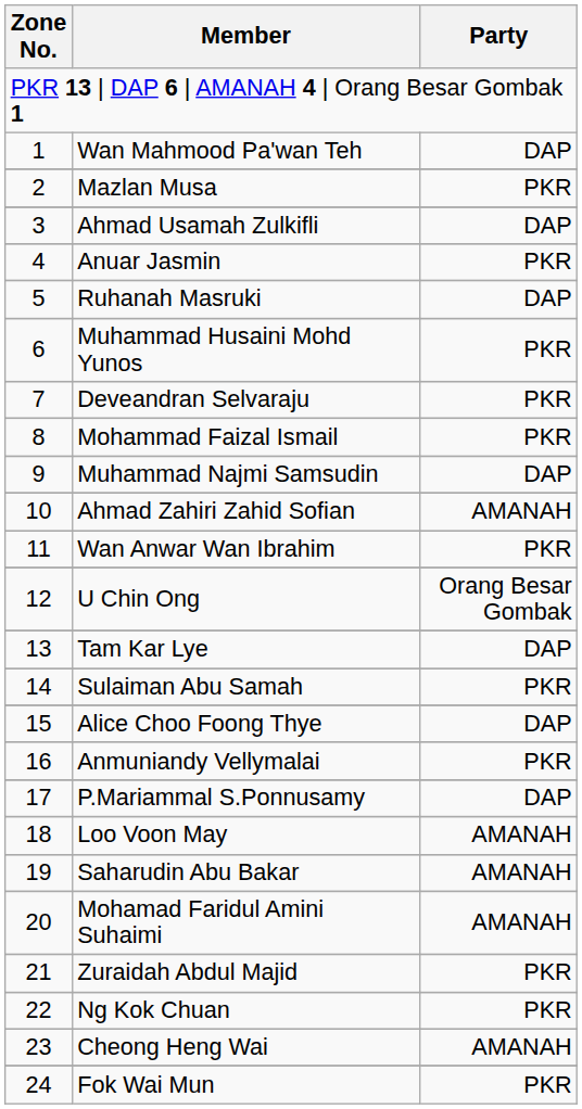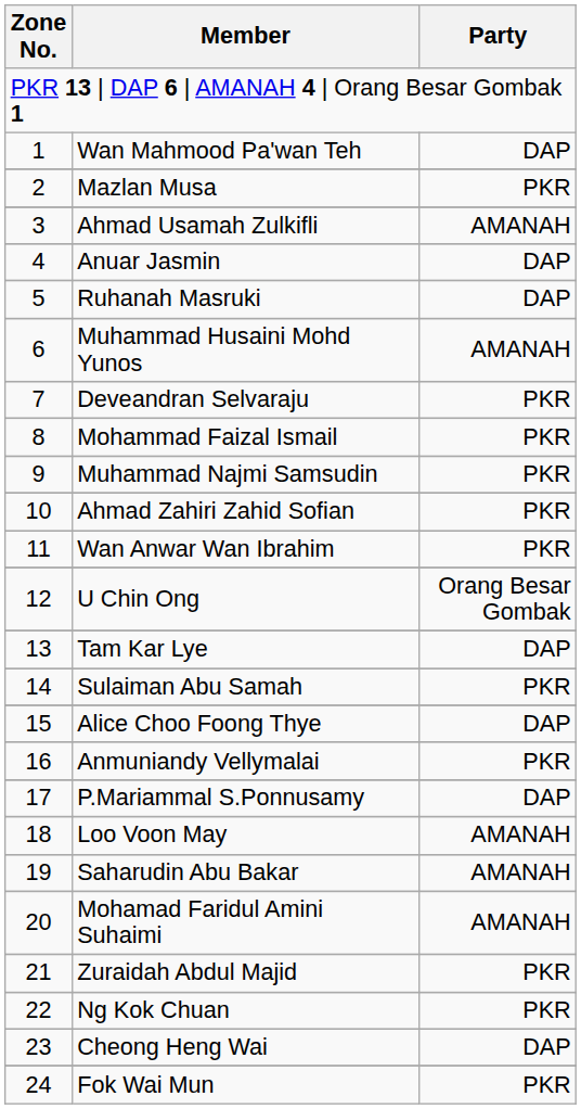 <table class="wikitable sortable">
 <tr>
 <th width="30">Zone No.</th>
 <th width="230">Member</th>
 <th width="100">Party</th>
 </tr>
 <tr>
 <td colspan="3"><a href='#'>PKR</a> <strong>13</strong> | <a href='#'>DAP</a> <strong>6</strong> | <a href='#'>AMANAH</a> <strong>4</strong> | Orang Besar Gombak <strong>1</strong></td>
 </tr>
 <tr>
 <td align="center">1</td>
 <td>Wan Mahmood Pa'wan Teh</td>
 <td align="right">DAP</td>
 </tr>
 <tr>
 </tr>
 <tr>
 <td align="center">2</td>
 <td>Mazlan Musa</td>
 <td align="right">PKR</td>
 </tr>
 <tr>
 </tr>
 <tr>
 <td align="center">3</td>
 <td>Ahmad Usamah Zulkifli</td>
-<td align="right">DAP</td>
+<td align="right">AMANAH</td>
 </tr>
 <tr>
 </tr>
 <tr>
 <td align="center">4</td>
 <td>Anuar Jasmin</td>
-<td align="right">PKR</td>
+<td align="right">DAP</td>
 </tr>
 <tr>
 </tr>
 <tr>
 <td align="center">5</td>
 <td>Ruhanah Masruki</td>
 <td align="right">DAP</td>
 </tr>
 <tr>
 </tr>
 <tr>
 <td align="center">6</td>
 <td>Muhammad Husaini Mohd Yunos</td>
-<td align="right">PKR</td>
+<td align="right">AMANAH</td>
 </tr>
 <tr>
 </tr>
 <tr>
 <td align="center">7</td>
 <td>Deveandran Selvaraju</td>
 <td align="right">PKR</td>
 </tr>
 <tr>
 </tr>
 <tr>
 <td align="center">8</td>
 <td>Mohammad Faizal Ismail</td>
 <td align="right">PKR</td>
 </tr>
 <tr>
 </tr>
 <tr>
 <td align="center">9</td>
 <td>Muhammad Najmi Samsudin</td>
-<td align="right">DAP</td>
+<td align="right">PKR</td>
 </tr>
 <tr>
 </tr>
 <tr>
 <td align="center">10</td>
 <td>Ahmad Zahiri Zahid Sofian</td>
-<td align="right">AMANAH</td>
+<td align="right">PKR</td>
 </tr>
 <tr>
 </tr>
 <tr>
 <td align="center">11</td>
 <td>Wan Anwar Wan Ibrahim</td>
 <td align="right">PKR</td>
 </tr>
 <tr>
 </tr>
 <tr>
 <td align="center">12</td>
 <td>U Chin Ong</td>
 <td align="right">Orang Besar Gombak</td>
 </tr>
 <tr>
 </tr>
 <tr>
 <td align="center">13</td>
 <td>Tam Kar Lye</td>
 <td align="right">DAP</td>
 </tr>
 <tr>
 </tr>
 <tr>
 <td align="center">14</td>
 <td>Sulaiman Abu Samah</td>
 <td align="right">PKR</td>
 </tr>
 <tr>
 </tr>
 <tr>
 <td align="center">15</td>
 <td>Alice Choo Foong Thye</td>
 <td align="right">DAP</td>
 </tr>
 <tr>
 </tr>
 <tr>
 <td align="center">16</td>
 <td>Anmuniandy Vellymalai</td>
 <td align="right">PKR</td>
 </tr>
 <tr>
 </tr>
 <tr>
 <td align="center">17</td>
 <td>P.Mariammal S.Ponnusamy</td>
 <td align="right">DAP</td>
 </tr>
 <tr>
 </tr>
 <tr>
 <td align="center">18</td>
 <td>Loo Voon May</td>
 <td align="right">AMANAH</td>
 </tr>
 <tr>
 </tr>
 <tr>
 <td align="center">19</td>
 <td>Saharudin Abu Bakar</td>
 <td align="right">AMANAH</td>
 </tr>
 <tr>
 </tr>
 <tr>
 <td align="center">20</td>
 <td>Mohamad Faridul Amini Suhaimi</td>
 <td align="right">AMANAH</td>
 </tr>
 <tr>
 </tr>
 <tr>
 <td align="center">21</td>
 <td>Zuraidah Abdul Majid</td>
 <td align="right">PKR</td>
 </tr>
 <tr>
 </tr>
 <tr>
 <td align="center">22</td>
 <td>Ng Kok Chuan</td>
 <td align="right">PKR</td>
 </tr>
 <tr>
 </tr>
 <tr>
 <td align="center">23</td>
 <td>Cheong Heng Wai</td>
-<td align="right">AMANAH</td>
+<td align="right">DAP</td>
 </tr>
 <tr>
 </tr>
 <tr>
 <td align="center">24</td>
 <td>Fok Wai Mun</td>
 <td align="right">PKR</td>
 </tr>
 </table>
